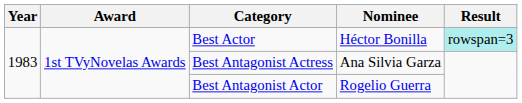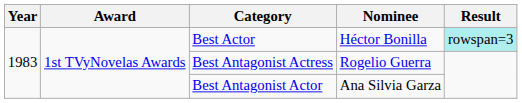 <table class="wikitable">
 <tr style="background:#b0c4de;">
 <th>Year</th>
 <th>Award</th>
 <th>Category</th>
 <th>Nominee</th>
 <th>Result</th>
 </tr>
 <tr>
 <td rowspan=3>1983</td>
 <td rowspan=3><a href='#'>1st TVyNovelas Awards</a></td>
 <td><a href='#'>Best Actor</a></td>
 <td><a href='#'>Héctor Bonilla</a></td>
 <td style="background: paleturquoise;">rowspan=3 </td>
 </tr>
 <tr>
 <td><a href='#'>Best Antagonist Actress</a></td>
-<td>Ana Silvia Garza</td>
+<td><a href='#'>Rogelio Guerra</a></td>
 </tr>
 <tr>
 <td><a href='#'>Best Antagonist Actor</a></td>
-<td><a href='#'>Rogelio Guerra</a></td>
+<td>Ana Silvia Garza</td>
 </tr>
 </table>
